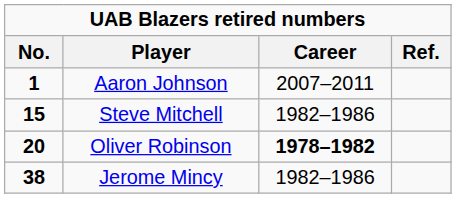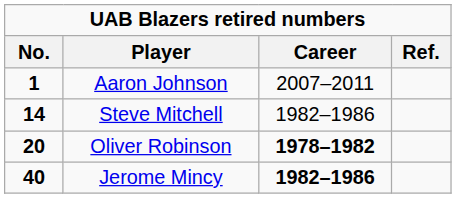 <table class="wikitable sortable" style="text-align:center">
 <tr>
 <td colspan="5"><strong>UAB Blazers retired numbers</strong></td>
 </tr>
 <tr>
 <th width=40px>No.</th>
 <th width=150px>Player</th>
 <th width=100px>Career</th>
 <th width=40px>Ref.</th>
 </tr>
 <tr>
 <td><strong>1</strong></td>
 <td><a href='#'>Aaron Johnson</a></td>
 <td>2007–2011</td>
 <td></td>
 </tr>
 <tr>
-<td><strong>15</strong></td>
+<td><strong>14</strong></td>
 <td><a href='#'>Steve Mitchell</a></td>
 <td>1982–1986</td>
 <td></td>
 </tr>
 <tr>
 <td><strong>20</strong></td>
 <td><a href='#'>Oliver Robinson</a></td>
 <td><strong>1978–1982</strong></td>
 <td></td>
 </tr>
 <tr>
-<td><strong>38</strong></td>
+<td><strong>40</strong></td>
 <td><a href='#'>Jerome Mincy</a></td>
-<td>1982–1986</td>
+<td><strong>1982–1986</strong></td>
 <td></td>
 </tr>
 </table>
